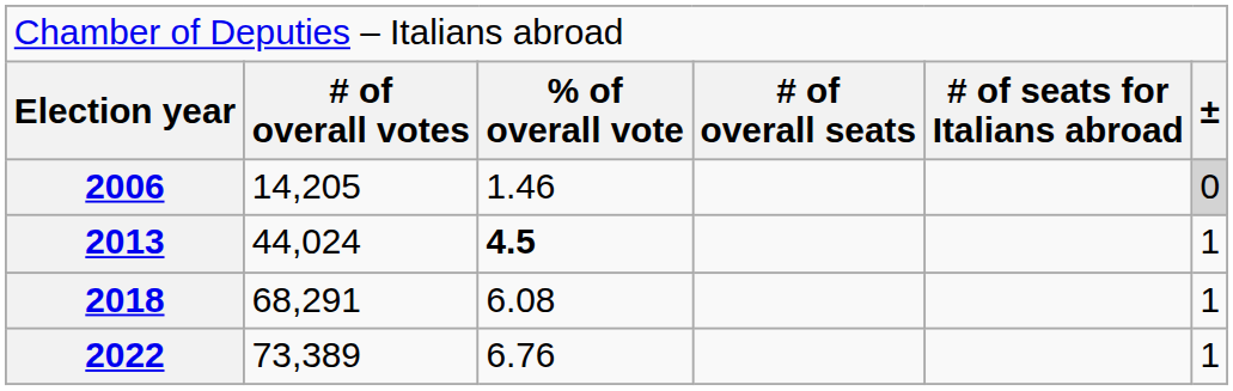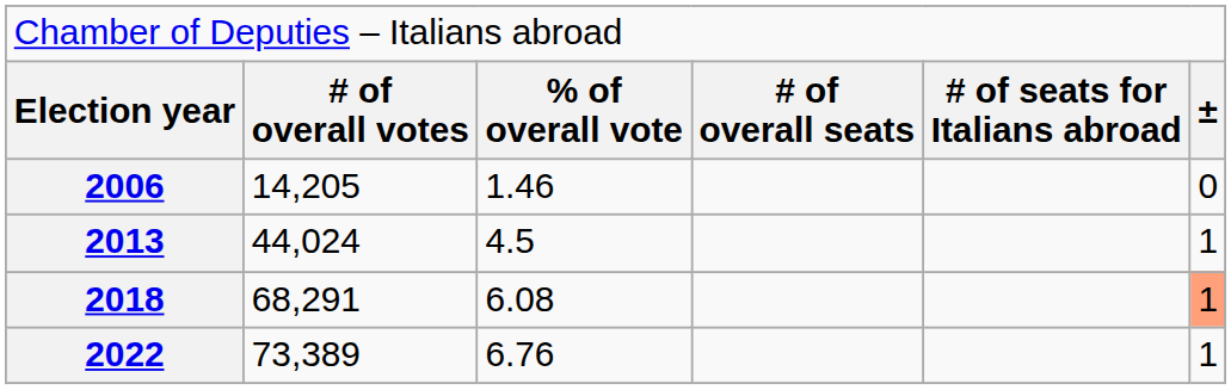 <table class=wikitable>
 <tr>
 <td colspan=7><a href='#'>Chamber of Deputies</a> – Italians abroad</td>
 </tr>
 <tr>
 <th>Election year</th>
 <th># of<br>overall votes</th>
 <th>% of<br>overall vote</th>
 <th># of <br>overall seats</th>
 <th># of seats for<br>Italians abroad</th>
 <th>±</th>
 </tr>
 <tr>
 <th><a href='#'>2006</a></th>
 <td>14,205</td>
 <td>1.46</td>
 <td></td>
 <td></td>
-<td style="background: lightgrey;"> 0</td>
+<td> 0</td>
 </tr>
 <tr>
 <th><a href='#'>2013</a></th>
 <td>44,024</td>
-<td><strong>4.5</strong></td>
+<td>4.5</td>
 <td></td>
 <td></td>
 <td> 1</td>
 </tr>
 <tr>
 <th><a href='#'>2018</a></th>
 <td>68,291</td>
 <td>6.08</td>
 <td></td>
 <td></td>
-<td> 1</td>
+<td style="background: lightsalmon;"> 1</td>
 </tr>
 <tr>
 <th><a href='#'>2022</a></th>
 <td>73,389</td>
 <td>6.76</td>
 <td></td>
 <td></td>
 <td> 1</td>
 </tr>
 </table>
